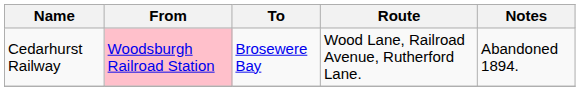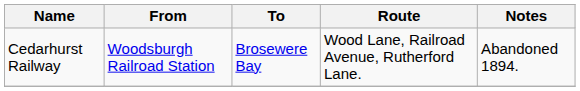 <table class=wikitable>
 <tr>
 <th>Name</th>
 <th>From</th>
 <th>To</th>
 <th>Route</th>
 <th>Notes</th>
 </tr>
 <tr>
 <td>Cedarhurst Railway</td>
-<td style="background: pink;"><a href='#'>Woodsburgh Railroad Station</a></td>
+<td><a href='#'>Woodsburgh Railroad Station</a></td>
 <td><a href='#'>Brosewere Bay</a></td>
 <td>Wood Lane, Railroad Avenue, Rutherford Lane.</td>
 <td>Abandoned 1894.</td>
 </tr>
 <tr>
 </tr>
 </table>
